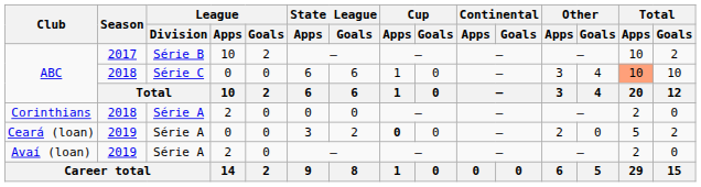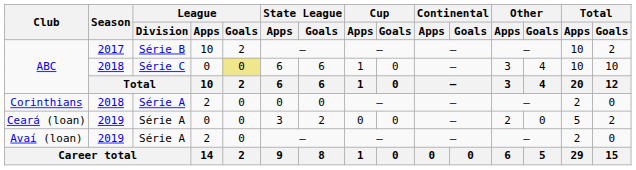 <table class="wikitable" style="text-align: center;">
 <tr>
 <th rowspan="2">Club</th>
 <th rowspan="2">Season</th>
 <th colspan="3">League</th>
 <th colspan="2">State League</th>
 <th colspan="2">Cup</th>
 <th colspan="2">Continental</th>
 <th colspan="2">Other</th>
 <th colspan="2">Total</th>
 </tr>
 <tr>
 <th>Division</th>
 <th>Apps</th>
 <th>Goals</th>
 <th>Apps</th>
 <th>Goals</th>
 <th>Apps</th>
 <th>Goals</th>
 <th>Apps</th>
 <th>Goals</th>
 <th>Apps</th>
 <th>Goals</th>
 <th>Apps</th>
 <th>Goals</th>
 </tr>
 <tr>
 <td rowspan="3"><a href='#'>ABC</a></td>
 <td><a href='#'>2017</a></td>
 <td><a href='#'>Série B</a></td>
 <td>10</td>
 <td>2</td>
 <td colspan="2">—</td>
 <td colspan="2">—</td>
 <td colspan="2">—</td>
 <td colspan="2">—</td>
 <td>10</td>
 <td>2</td>
 </tr>
 <tr>
 <td><a href='#'>2018</a></td>
 <td><a href='#'>Série C</a></td>
 <td>0</td>
-<td>0</td>
+<td style="background: khaki;">0</td>
 <td>6</td>
 <td>6</td>
 <td>1</td>
 <td>0</td>
 <td colspan="2">—</td>
 <td>3</td>
 <td>4</td>
-<td style="background: lightsalmon;">10</td>
+<td>10</td>
 <td>10</td>
 </tr>
 <tr>
 <th colspan="2">Total</th>
 <th>10</th>
 <th>2</th>
 <th>6</th>
 <th>6</th>
 <th>1</th>
 <th>0</th>
 <th colspan="2">—</th>
 <th>3</th>
 <th>4</th>
 <th>20</th>
 <th>12</th>
 </tr>
 <tr>
 <td><a href='#'>Corinthians</a></td>
 <td><a href='#'>2018</a></td>
 <td><a href='#'>Série A</a></td>
 <td>2</td>
 <td>0</td>
 <td>0</td>
 <td>0</td>
 <td colspan="2">—</td>
 <td colspan="2">—</td>
 <td colspan="2">—</td>
 <td>2</td>
 <td>0</td>
 </tr>
 <tr>
 <td><a href='#'>Ceará</a> (loan)</td>
 <td><a href='#'>2019</a></td>
 <td>Série A</td>
 <td>0</td>
 <td>0</td>
 <td>3</td>
 <td>2</td>
-<td><strong>0</strong></td>
+<td>0</td>
 <td>0</td>
 <td colspan="2">—</td>
 <td>2</td>
 <td>0</td>
 <td>5</td>
 <td>2</td>
 </tr>
 <tr>
 <td><a href='#'>Avaí</a> (loan)</td>
 <td><a href='#'>2019</a></td>
 <td>Série A</td>
 <td>2</td>
 <td>0</td>
 <td colspan="2">—</td>
 <td colspan="2">—</td>
 <td colspan="2">—</td>
 <td colspan="2">—</td>
 <td>2</td>
 <td>0</td>
 </tr>
 <tr>
 <th colspan="3"><strong>Career total</strong></th>
 <th>14</th>
 <th>2</th>
 <th>9</th>
 <th>8</th>
 <th>1</th>
 <th>0</th>
 <th>0</th>
 <th>0</th>
 <th>6</th>
 <th>5</th>
 <th>29</th>
 <th>15</th>
 </tr>
 </table>
